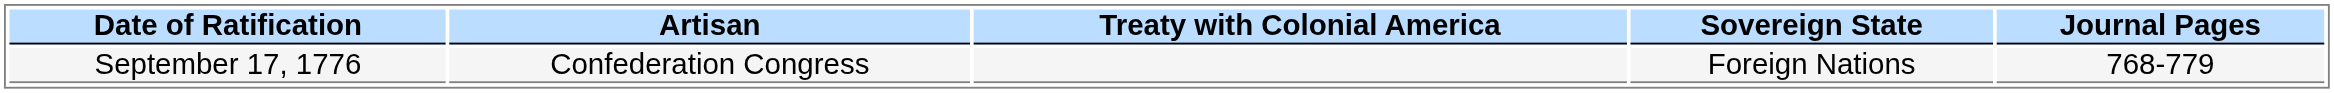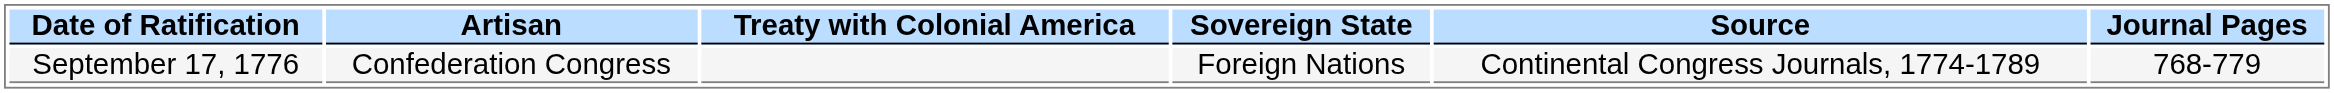 <table style="border:1px solid gray; align:left;width:100%" cellspacing=2 cellpadding=0>
 <tr style="font-weight:bold; text-align:center; background:#bbddff; color:black;">
 <th style=" border-bottom:1.5px solid black">Date of Ratification</th>
 <th style=" border-bottom:1.5px solid black">Artisan</th>
 <th style=" border-bottom:1.5px solid black">Treaty with Colonial America</th>
 <th style=" border-bottom:1.5px solid black">Sovereign State</th>
+<th style=" border-bottom:1.5px solid black">Source</th>
 <th style=" border-bottom:1.5px solid black">Journal Pages</th>
 </tr>
 <tr>
 <td style="border-bottom:1px solid gray; background:#F5F5F5; text-align:center;">September 17, 1776</td>
 <td style="border-bottom:1px solid gray; background:#F5F5F5; text-align:center;">Confederation Congress</td>
 <td style="border-bottom:1px solid gray; background:#F5F5F5; text-align:center;"></td>
 <td style="border-bottom:1px solid gray; background:#F5F5F5; text-align:center;">Foreign Nations</td>
+<td style="border-bottom:1px solid gray; background:#F5F5F5; text-align:center;">Continental Congress Journals, 1774-1789</td>
 <td style="border-bottom:1px solid gray; background:#F5F5F5; text-align:center;">768-779</td>
 </tr>
 </table>
